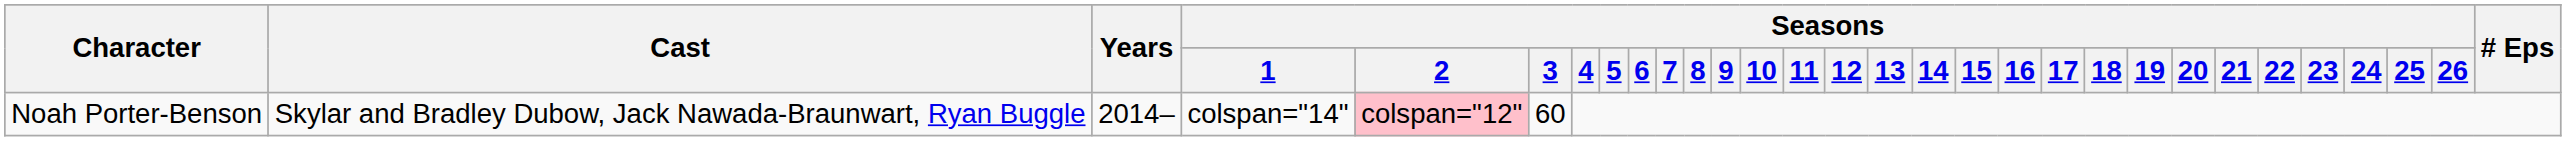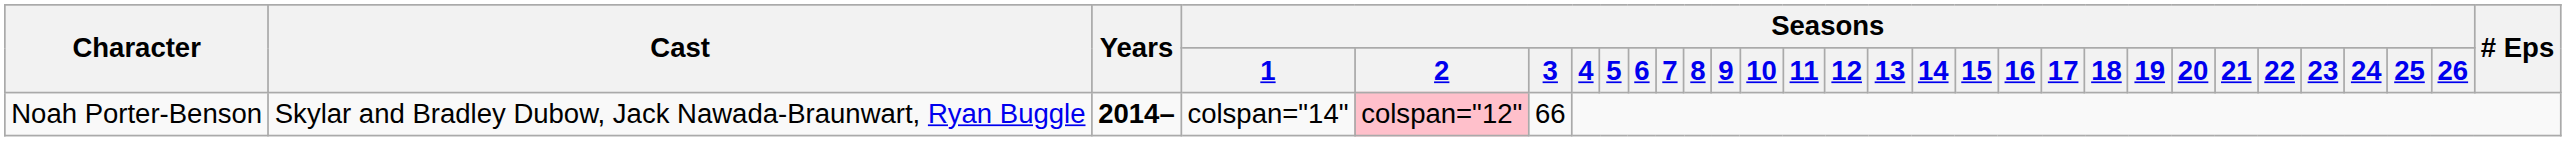 <table class="wikitable">
 <tr>
 <th rowspan="2">Character</th>
 <th rowspan="2">Cast</th>
 <th rowspan="2">Years</th>
 <th colspan="26">Seasons</th>
 <th rowspan="2"># Eps</th>
 </tr>
 <tr>
 <th><a href='#'>1</a></th>
 <th><a href='#'>2</a></th>
 <th><a href='#'>3</a></th>
 <th><a href='#'>4</a></th>
 <th><a href='#'>5</a></th>
 <th><a href='#'>6</a></th>
 <th><a href='#'>7</a></th>
 <th><a href='#'>8</a></th>
 <th><a href='#'>9</a></th>
 <th><a href='#'>10</a></th>
 <th><a href='#'>11</a></th>
 <th><a href='#'>12</a></th>
 <th><a href='#'>13</a></th>
 <th><a href='#'>14</a></th>
 <th><a href='#'>15</a></th>
 <th><a href='#'>16</a></th>
 <th><a href='#'>17</a></th>
 <th><a href='#'>18</a></th>
 <th><a href='#'>19</a></th>
 <th><a href='#'>20</a></th>
 <th><a href='#'>21</a></th>
 <th><a href='#'>22</a></th>
 <th><a href='#'>23</a></th>
 <th><a href='#'>24</a></th>
 <th><a href='#'>25</a></th>
 <th><a href='#'>26</a></th>
 </tr>
 <tr>
 <td>Noah Porter-Benson</td>
 <td>Skylar and Bradley Dubow, Jack Nawada-Braunwart, <a href='#'>Ryan Buggle</a></td>
-<td>2014–</td>
+<td><strong>2014–</strong></td>
 <td>colspan="14" </td>
 <td style="background: pink;">colspan="12" </td>
-<td>60</td>
+<td>66</td>
 </tr>
 </table>
